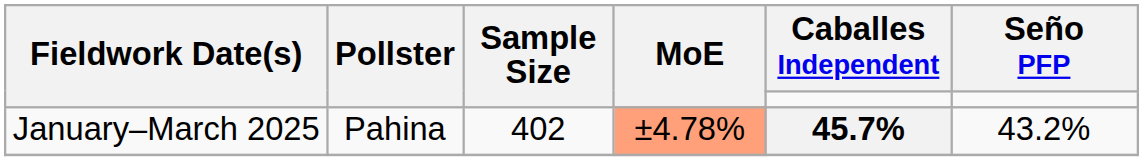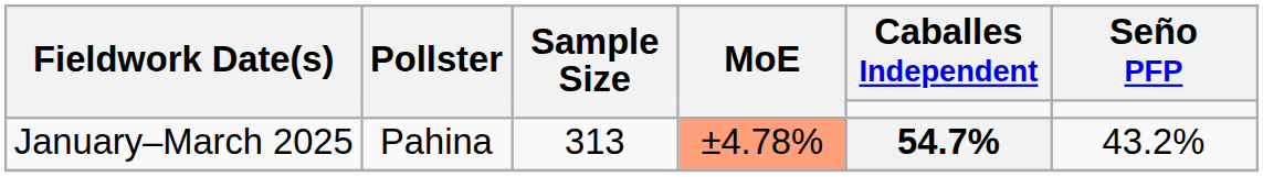 <table class="wikitable" style="text-align:center;font-size:90%;line-height:15px">
 <tr>
 <th rowspan="2">Fieldwork Date(s)</th>
 <th rowspan="2">Pollster</th>
 <th rowspan="2" style="width:60px;">Sample Size</th>
 <th rowspan="2" style="width:60px;">MoE</th>
 <th style="width:75px;">Caballes<br><small><a href='#'>Independent</a></small></th>
 <th style="width:75px;">Seño<br><small><a href='#'>PFP</a></small></th>
 </tr>
 <tr>
 <td style="background:"></td>
 <td style="background:"></td>
 </tr>
 <tr>
 <td>January–March 2025</td>
 <td>Pahina</td>
-<td>402</td>
+<td>313</td>
 <td style="background: lightsalmon;">±4.78%</td>
-<th style="background-color:#">45.7%</th>
+<th style="background-color:#">54.7%</th>
 <td>43.2%</td>
 </tr>
 <tr>
 </tr>
 </table>
